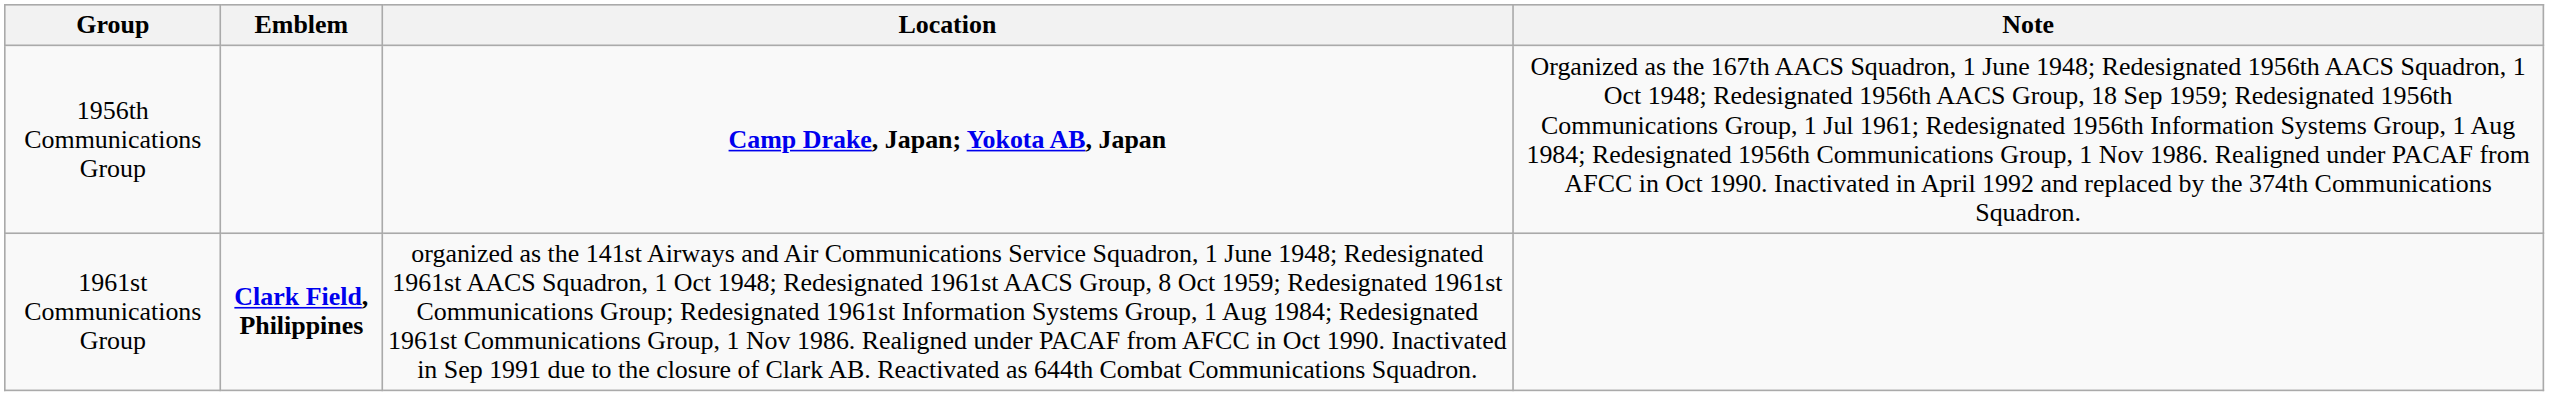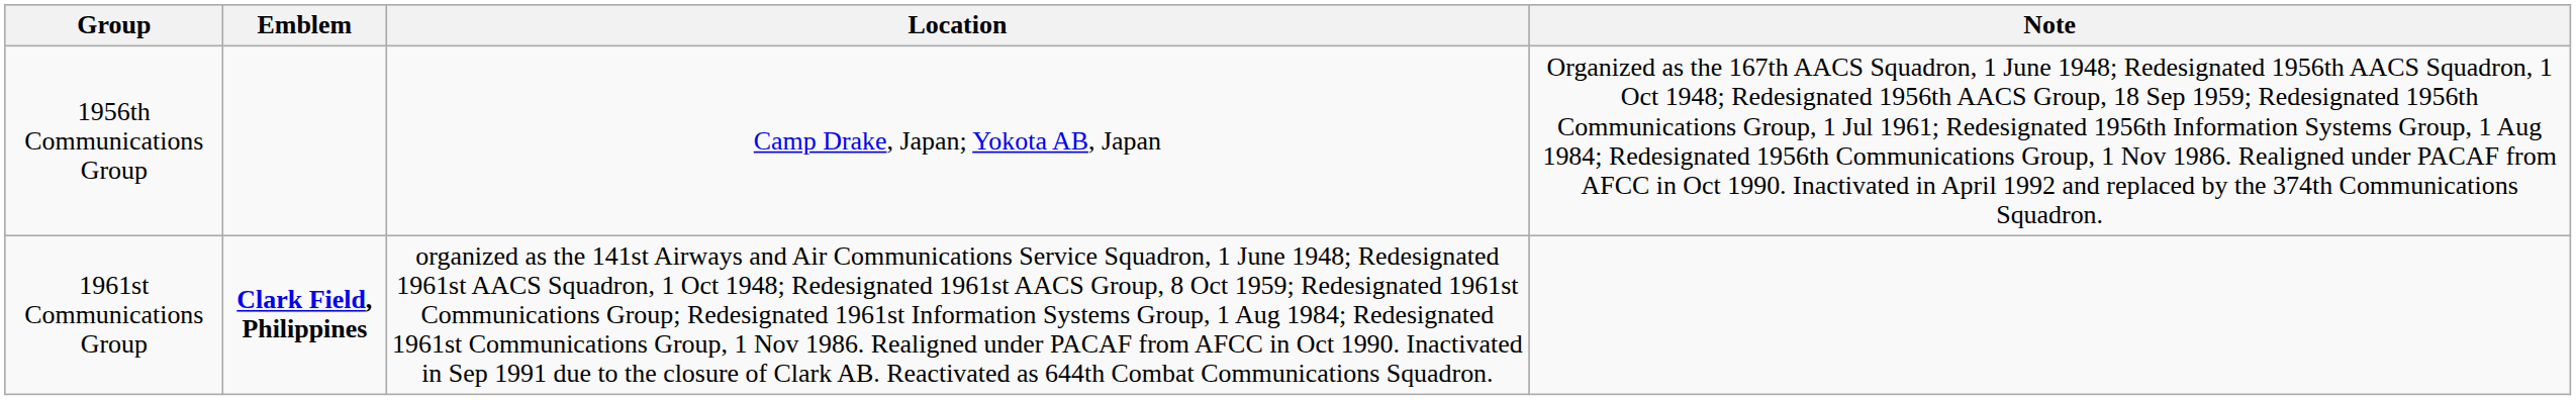 <table class="wikitable" style="text-align:center">
 <tr>
 <th>Group</th>
 <th>Emblem</th>
 <th>Location</th>
 <th>Note</th>
 </tr>
 <tr>
 <td>1956th Communications Group</td>
 <td></td>
-<td><strong><a href='#'>Camp Drake</a>, Japan; <a href='#'>Yokota AB</a>, Japan</strong></td>
+<td><a href='#'>Camp Drake</a>, Japan; <a href='#'>Yokota AB</a>, Japan</td>
 <td>Organized as the 167th AACS Squadron, 1 June 1948; Redesignated 1956th AACS Squadron, 1 Oct 1948; Redesignated 1956th AACS Group, 18 Sep 1959; Redesignated 1956th Communications Group, 1 Jul 1961; Redesignated 1956th Information Systems Group, 1 Aug 1984; Redesignated 1956th Communications Group, 1 Nov 1986. Realigned under PACAF from AFCC in Oct 1990. Inactivated in April 1992 and replaced by the 374th Communications Squadron.</td>
 </tr>
 <tr>
 <td>1961st Communications Group</td>
 <td><strong><a href='#'>Clark Field</a>, Philippines</strong></td>
 <td>organized as the 141st Airways and Air Communications Service Squadron, 1 June 1948; Redesignated 1961st AACS Squadron, 1 Oct 1948; Redesignated 1961st AACS Group, 8 Oct 1959; Redesignated 1961st Communications Group; Redesignated 1961st Information Systems Group, 1 Aug 1984; Redesignated 1961st Communications Group, 1 Nov 1986. Realigned under PACAF from AFCC in Oct 1990. Inactivated in Sep 1991 due to the closure of Clark AB. Reactivated as 644th Combat Communications Squadron.</td>
 </tr>
 </table>
